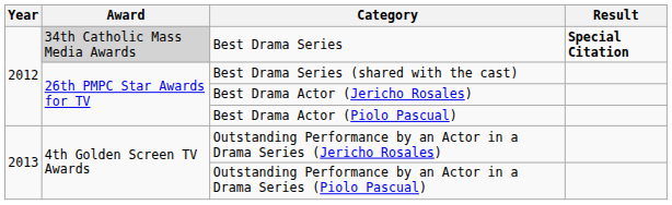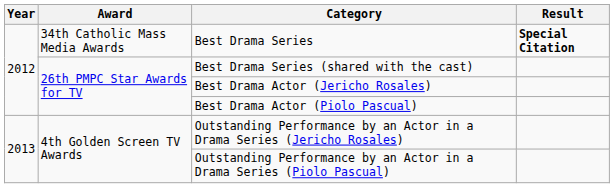 <table class="wikitable" style="font-size:90%;">
 <tr>
 <th>Year</th>
 <th>Award</th>
 <th>Category</th>
 <th>Result</th>
 </tr>
 <tr>
 <td rowspan="4">2012</td>
-<td style="background: lightgrey;">34th Catholic Mass Media Awards</td>
+<td>34th Catholic Mass Media Awards</td>
 <td>Best Drama Series</td>
 <td><strong>Special Citation </strong></td>
 </tr>
 <tr>
 <td rowspan=3><a href='#'>26th PMPC Star Awards for TV</a></td>
 <td>Best Drama Series (shared with the cast)</td>
 <td></td>
 </tr>
 <tr>
 <td>Best Drama Actor (<a href='#'>Jericho Rosales</a>)</td>
 <td></td>
 </tr>
 <tr>
 <td>Best Drama Actor (<a href='#'>Piolo Pascual</a>)</td>
 <td></td>
 </tr>
 <tr>
 <td rowspan="2">2013</td>
 <td rowspan=2>4th Golden Screen TV Awards</td>
 <td>Outstanding Performance by an Actor in a Drama Series (<a href='#'>Jericho Rosales</a>)</td>
 <td></td>
 </tr>
 <tr>
 <td>Outstanding Performance by an Actor in a Drama Series (<a href='#'>Piolo Pascual</a>)</td>
 <td></td>
 </tr>
 </table>
